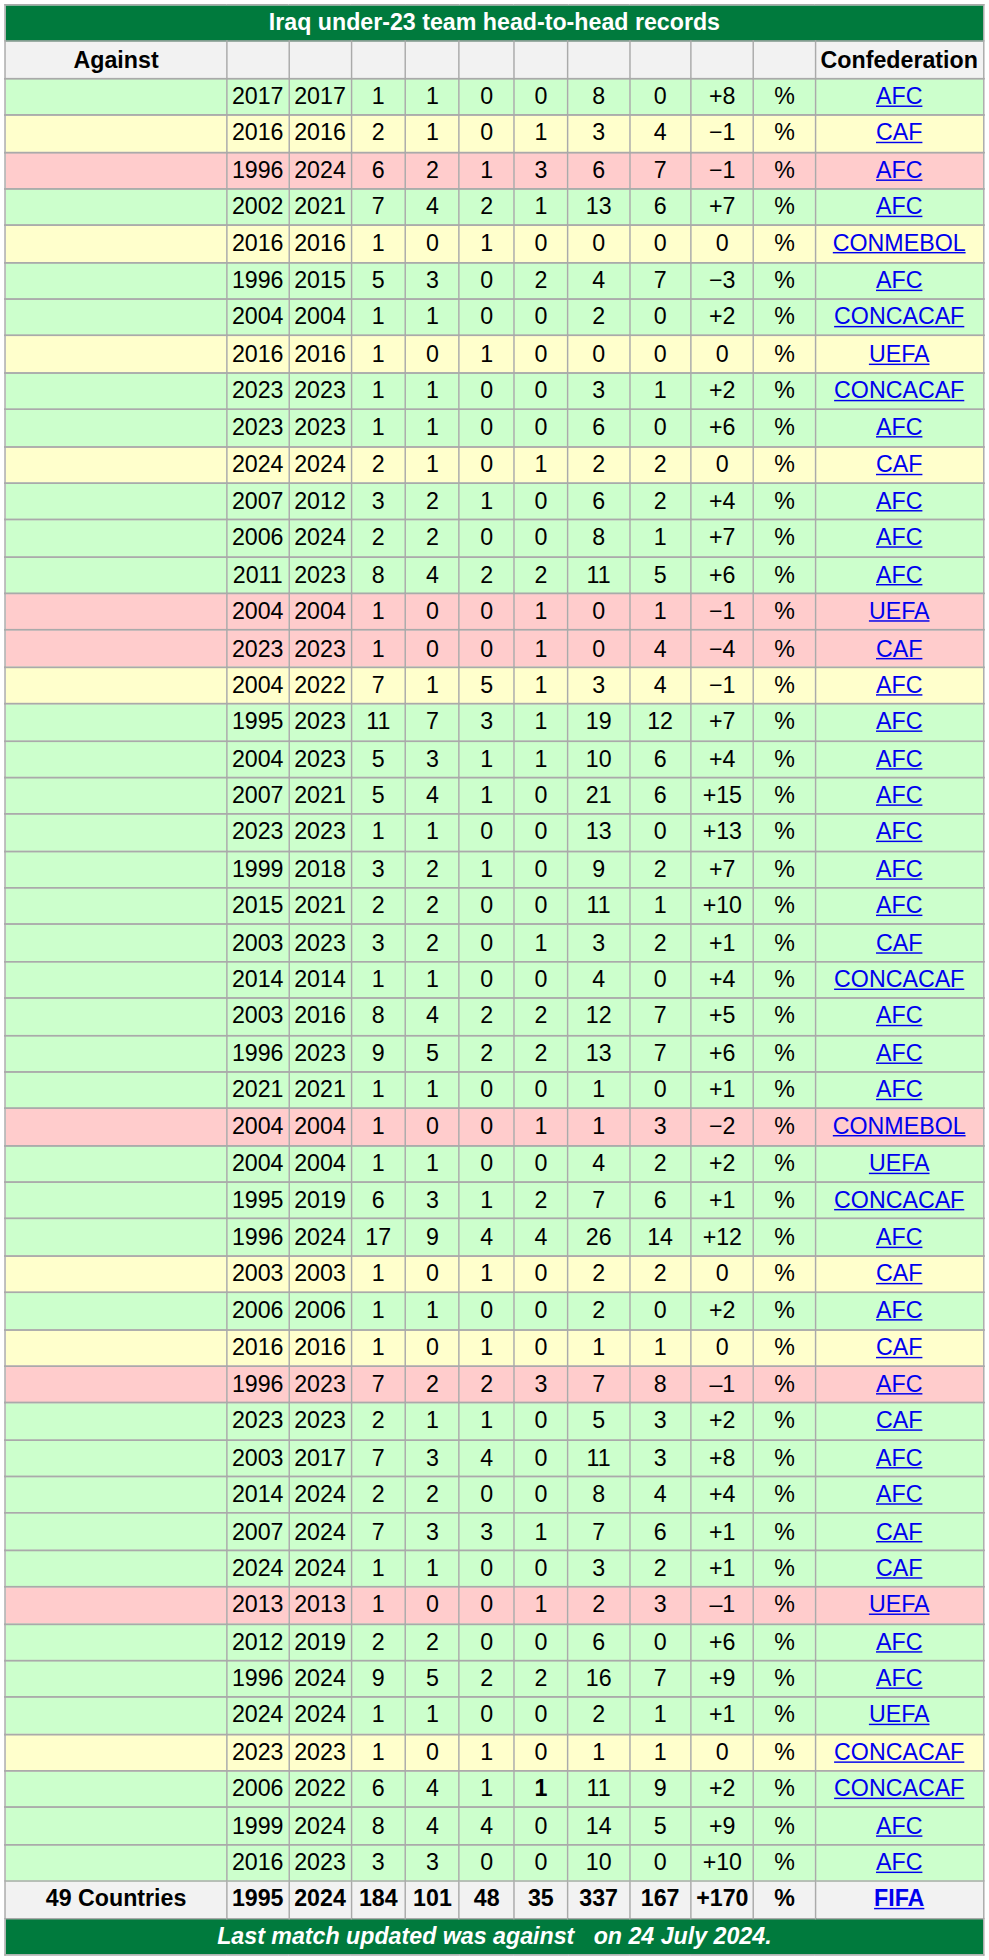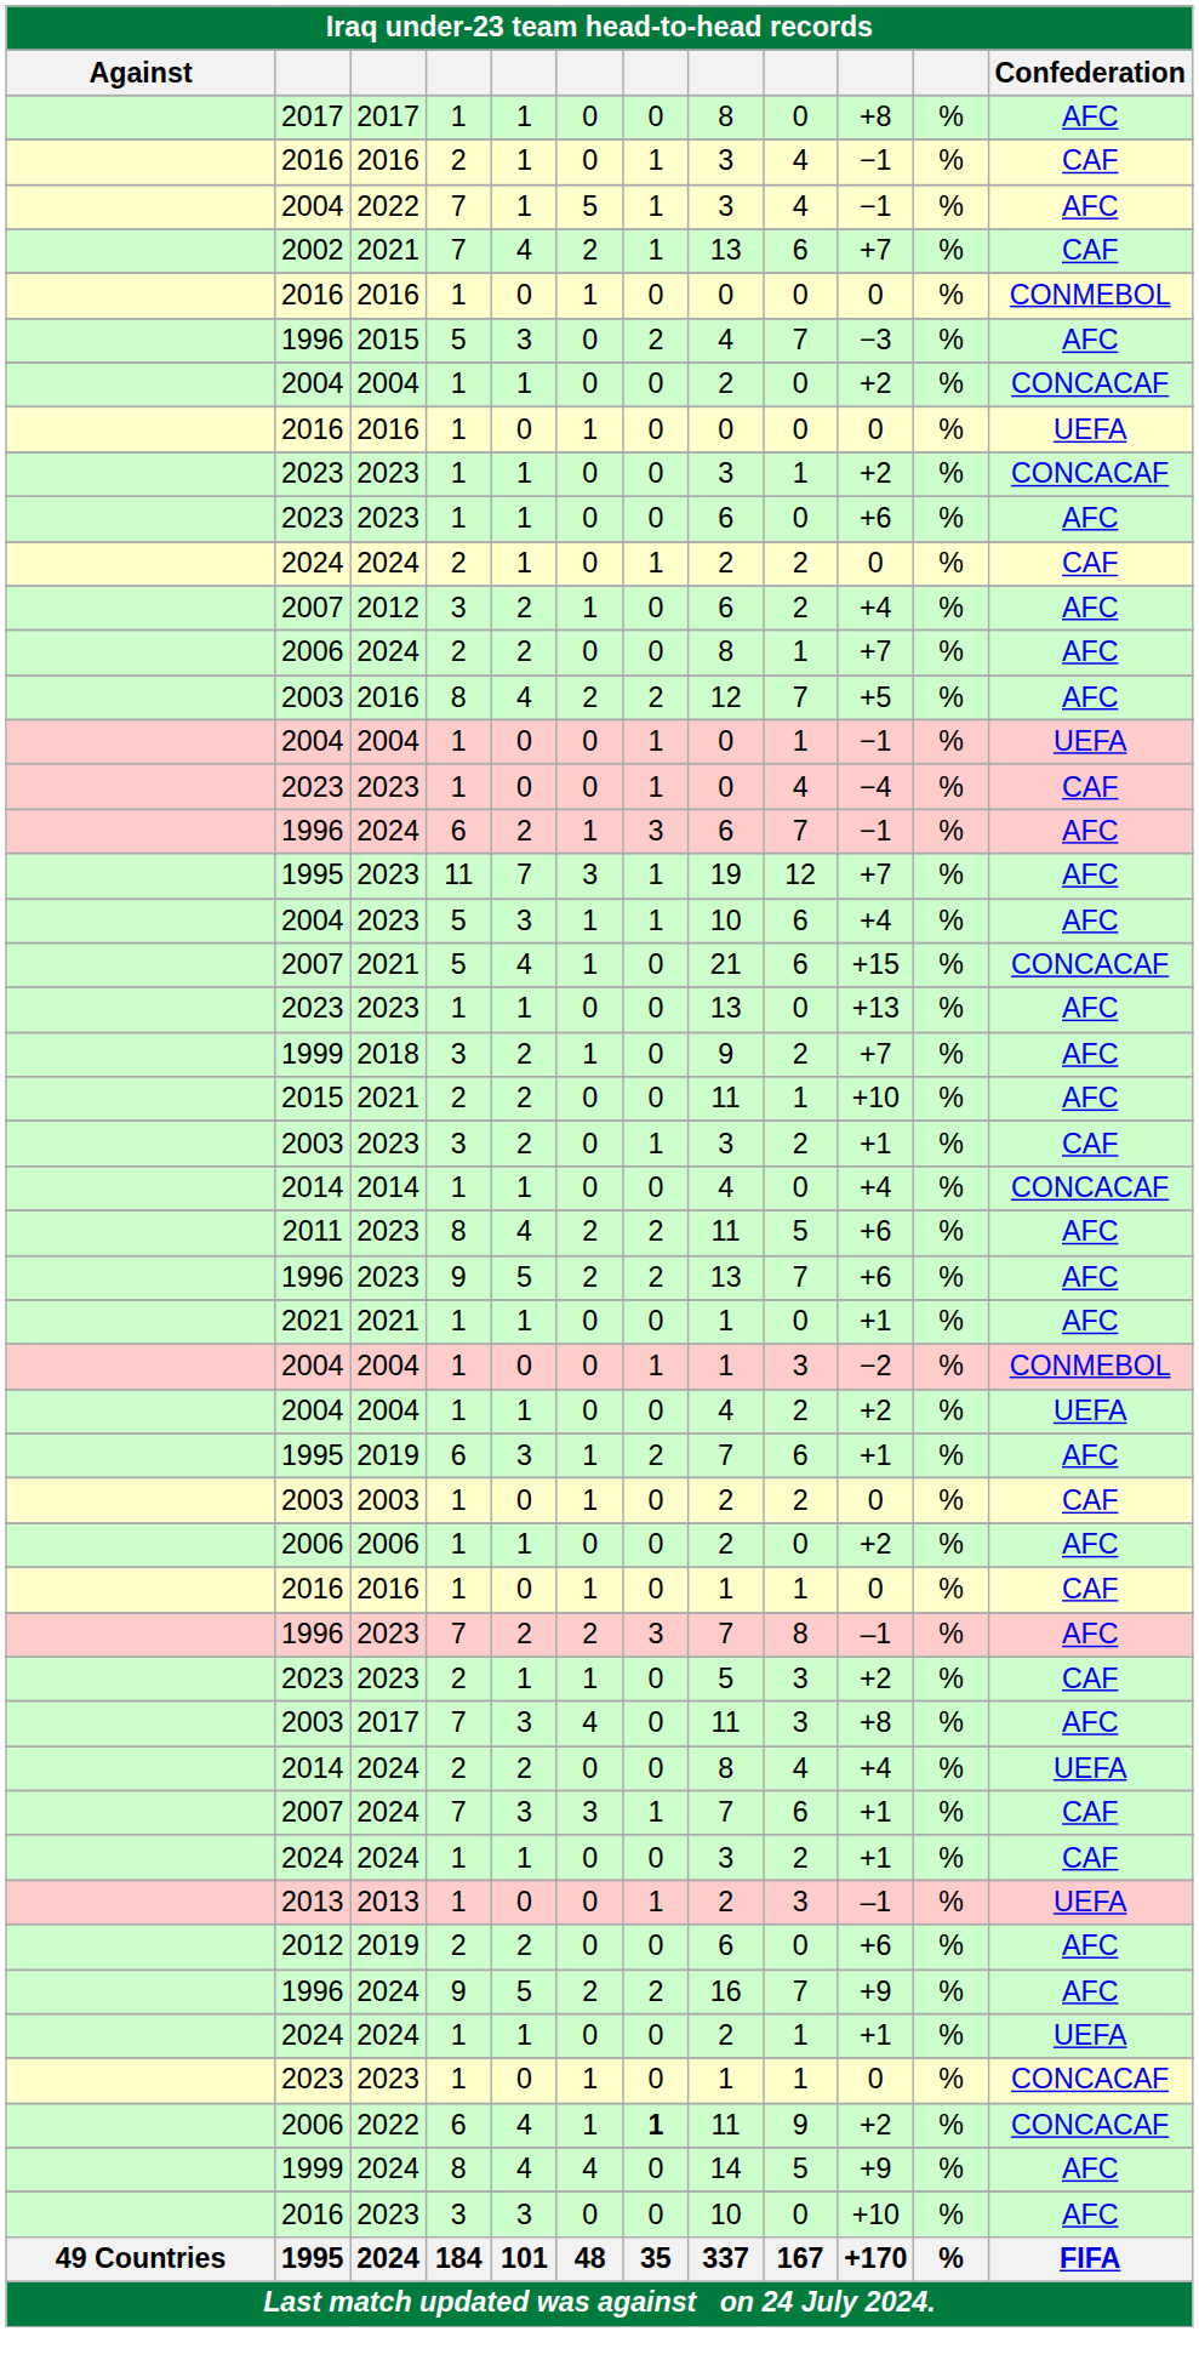 <table class="wikitable sortable mw-collapsible mw-collapsed" style="text-align:center; margin:0.5em auto;">
 <tr>
 <th colspan=12 style="background: #007A3D; color: #FFFFFF;">Iraq under-23 team head-to-head records</th>
 </tr>
 <tr>
 <th style="width:145px;">Against</th>
 <th width=30></th>
 <th width=30></th>
 <th width=30></th>
 <th width=30></th>
 <th width=30></th>
 <th width=30></th>
 <th width=35></th>
 <th width=35></th>
 <th width=35></th>
 <th width=35></th>
 <th style="width:1px;">Confederation</th>
 </tr>
 <tr>
 </tr>
 <tr>
 </tr>
 <tr bgcolor=CCFFCC>
 <td style="text-align:left;"></td>
 <td>2017</td>
 <td>2017</td>
 <td>1</td>
 <td>1</td>
 <td>0</td>
 <td>0</td>
 <td>8</td>
 <td>0</td>
 <td>+8</td>
 <td>%</td>
 <td><a href='#'>AFC</a></td>
 </tr>
 <tr>
 </tr>
 <tr>
 </tr>
 <tr bgcolor=FFFFCC>
 <td style="text-align:left;"></td>
 <td>2016</td>
 <td>2016</td>
 <td>2</td>
 <td>1</td>
 <td>0</td>
 <td>1</td>
 <td>3</td>
 <td>4</td>
 <td>−1</td>
 <td>%</td>
 <td><a href='#'>CAF</a></td>
 </tr>
 <tr>
 </tr>
 <tr>
 </tr>
-<tr bgcolor=FFCCCC>
+<tr bgcolor=FFFFCC>
 <td style="text-align:left;"></td>
-<td>1996</td>
-<td>2024</td>
-<td>6</td>
-<td>2</td>
+<td>2004</td>
+<td>2022</td>
+<td>7</td>
+<td>1</td>
+<td>5</td>
 <td>1</td>
 <td>3</td>
-<td>6</td>
-<td>7</td>
+<td>4</td>
 <td>−1</td>
 <td>%</td>
 <td><a href='#'>AFC</a></td>
 </tr>
 <tr>
 </tr>
 <tr>
 </tr>
 <tr bgcolor=CCFFCC>
 <td style="text-align:left;"></td>
 <td>2002</td>
 <td>2021</td>
 <td>7</td>
 <td>4</td>
 <td>2</td>
 <td>1</td>
 <td>13</td>
 <td>6</td>
 <td>+7</td>
 <td>%</td>
-<td><a href='#'>AFC</a></td>
+<td><a href='#'>CAF</a></td>
 </tr>
 <tr>
 </tr>
 <tr>
 </tr>
 <tr bgcolor=FFFFCC>
 <td style="text-align:left;"></td>
 <td>2016</td>
 <td>2016</td>
 <td>1</td>
 <td>0</td>
 <td>1</td>
 <td>0</td>
 <td>0</td>
 <td>0</td>
 <td>0</td>
 <td>%</td>
 <td><a href='#'>CONMEBOL</a></td>
 </tr>
 <tr>
 </tr>
 <tr>
 </tr>
 <tr bgcolor=CCFFCC>
 <td style="text-align:left;"></td>
 <td>1996</td>
 <td>2015</td>
 <td>5</td>
 <td>3</td>
 <td>0</td>
 <td>2</td>
 <td>4</td>
 <td>7</td>
 <td>−3</td>
 <td>%</td>
 <td><a href='#'>AFC</a></td>
 </tr>
 <tr>
 </tr>
 <tr>
 </tr>
 <tr bgcolor=CCFFCC>
 <td style="text-align:left;"></td>
 <td>2004</td>
 <td>2004</td>
 <td>1</td>
 <td>1</td>
 <td>0</td>
 <td>0</td>
 <td>2</td>
 <td>0</td>
 <td>+2</td>
 <td>%</td>
 <td><a href='#'>CONCACAF</a></td>
 </tr>
 <tr>
 </tr>
 <tr>
 </tr>
 <tr bgcolor=FFFFCC>
 <td style="text-align:left;"></td>
 <td>2016</td>
 <td>2016</td>
 <td>1</td>
 <td>0</td>
 <td>1</td>
 <td>0</td>
 <td>0</td>
 <td>0</td>
 <td>0</td>
 <td>%</td>
 <td><a href='#'>UEFA</a></td>
 </tr>
 <tr>
 </tr>
 <tr>
 </tr>
 <tr bgcolor=CCFFCC>
 <td style="text-align:left;"></td>
 <td>2023</td>
 <td>2023</td>
 <td>1</td>
 <td>1</td>
 <td>0</td>
 <td>0</td>
 <td>3</td>
 <td>1</td>
 <td>+2</td>
 <td>%</td>
 <td><a href='#'>CONCACAF</a></td>
 </tr>
 <tr>
 </tr>
 <tr>
 </tr>
 <tr bgcolor=CCFFCC>
 <td style="text-align:left;"></td>
 <td>2023</td>
 <td>2023</td>
 <td>1</td>
 <td>1</td>
 <td>0</td>
 <td>0</td>
 <td>6</td>
 <td>0</td>
 <td>+6</td>
 <td>%</td>
 <td><a href='#'>AFC</a></td>
 </tr>
 <tr>
 </tr>
 <tr>
 </tr>
 <tr bgcolor=FFFFCC>
 <td style="text-align:left;"></td>
 <td>2024</td>
 <td>2024</td>
 <td>2</td>
 <td>1</td>
 <td>0</td>
 <td>1</td>
 <td>2</td>
 <td>2</td>
 <td>0</td>
 <td>%</td>
 <td><a href='#'>CAF</a></td>
 </tr>
 <tr>
 </tr>
 <tr>
 </tr>
 <tr bgcolor=CCFFCC>
 <td style="text-align:left;"></td>
 <td>2007</td>
 <td>2012</td>
 <td>3</td>
 <td>2</td>
 <td>1</td>
 <td>0</td>
 <td>6</td>
 <td>2</td>
 <td>+4</td>
 <td>%</td>
 <td><a href='#'>AFC</a></td>
 </tr>
 <tr>
 </tr>
 <tr>
 </tr>
 <tr bgcolor=CCFFCC>
 <td style="text-align:left;"></td>
 <td>2006</td>
 <td>2024</td>
 <td>2</td>
 <td>2</td>
 <td>0</td>
 <td>0</td>
 <td>8</td>
 <td>1</td>
 <td>+7</td>
 <td>%</td>
 <td><a href='#'>AFC</a></td>
 </tr>
 <tr>
 </tr>
 <tr>
 </tr>
 <tr bgcolor=CCFFCC>
 <td style="text-align:left;"></td>
-<td>2011</td>
-<td>2023</td>
+<td>2003</td>
+<td>2016</td>
 <td>8</td>
 <td>4</td>
 <td>2</td>
 <td>2</td>
-<td>11</td>
-<td>5</td>
-<td>+6</td>
+<td>12</td>
+<td>7</td>
+<td>+5</td>
 <td>%</td>
 <td><a href='#'>AFC</a></td>
 </tr>
 <tr>
 </tr>
 <tr>
 </tr>
 <tr bgcolor=FFCCCC>
 <td style="text-align:left;"></td>
 <td>2004</td>
 <td>2004</td>
 <td>1</td>
 <td>0</td>
 <td>0</td>
 <td>1</td>
 <td>0</td>
 <td>1</td>
 <td>−1</td>
 <td>%</td>
 <td><a href='#'>UEFA</a></td>
 </tr>
 <tr>
 </tr>
 <tr>
 </tr>
 <tr bgcolor=FFCCCC>
 <td style="text-align:left;"></td>
 <td>2023</td>
 <td>2023</td>
 <td>1</td>
 <td>0</td>
 <td>0</td>
 <td>1</td>
 <td>0</td>
 <td>4</td>
 <td>−4</td>
 <td>%</td>
 <td><a href='#'>CAF</a></td>
 </tr>
 <tr>
 </tr>
 <tr>
 </tr>
-<tr bgcolor=FFFFCC>
+<tr bgcolor=FFCCCC>
 <td style="text-align:left;"></td>
-<td>2004</td>
-<td>2022</td>
-<td>7</td>
-<td>1</td>
-<td>5</td>
+<td>1996</td>
+<td>2024</td>
+<td>6</td>
+<td>2</td>
 <td>1</td>
 <td>3</td>
-<td>4</td>
+<td>6</td>
+<td>7</td>
 <td>−1</td>
 <td>%</td>
 <td><a href='#'>AFC</a></td>
 </tr>
 <tr>
 </tr>
 <tr>
 </tr>
 <tr bgcolor=CCFFCC>
 <td style="text-align:left;"></td>
 <td>1995</td>
 <td>2023</td>
 <td>11</td>
 <td>7</td>
 <td>3</td>
 <td>1</td>
 <td>19</td>
 <td>12</td>
 <td>+7</td>
 <td>%</td>
 <td><a href='#'>AFC</a></td>
 </tr>
 <tr>
 </tr>
 <tr>
 </tr>
 <tr bgcolor=CCFFCC>
 <td style="text-align:left;"></td>
 <td>2004</td>
 <td>2023</td>
 <td>5</td>
 <td>3</td>
 <td>1</td>
 <td>1</td>
 <td>10</td>
 <td>6</td>
 <td>+4</td>
 <td>%</td>
 <td><a href='#'>AFC</a></td>
 </tr>
 <tr>
 </tr>
 <tr>
 </tr>
 <tr bgcolor=CCFFCC>
 <td style="text-align:left;"></td>
 <td>2007</td>
 <td>2021</td>
 <td>5</td>
 <td>4</td>
 <td>1</td>
 <td>0</td>
 <td>21</td>
 <td>6</td>
 <td>+15</td>
 <td>%</td>
-<td><a href='#'>AFC</a></td>
+<td><a href='#'>CONCACAF</a></td>
 </tr>
 <tr>
 </tr>
 <tr>
 </tr>
 <tr bgcolor=CCFFCC>
 <td style="text-align:left;"></td>
 <td>2023</td>
 <td>2023</td>
 <td>1</td>
 <td>1</td>
 <td>0</td>
 <td>0</td>
 <td>13</td>
 <td>0</td>
 <td>+13</td>
 <td>%</td>
 <td><a href='#'>AFC</a></td>
 </tr>
 <tr>
 </tr>
 <tr>
 </tr>
 <tr bgcolor=CCFFCC>
 <td style="text-align:left;"></td>
 <td>1999</td>
 <td>2018</td>
 <td>3</td>
 <td>2</td>
 <td>1</td>
 <td>0</td>
 <td>9</td>
 <td>2</td>
 <td>+7</td>
 <td>%</td>
 <td><a href='#'>AFC</a></td>
 </tr>
 <tr>
 </tr>
 <tr>
 </tr>
 <tr bgcolor=CCFFCC>
 <td style="text-align:left;"></td>
 <td>2015</td>
 <td>2021</td>
 <td>2</td>
 <td>2</td>
 <td>0</td>
 <td>0</td>
 <td>11</td>
 <td>1</td>
 <td>+10</td>
 <td>%</td>
 <td><a href='#'>AFC</a></td>
 </tr>
 <tr>
 </tr>
 <tr>
 </tr>
 <tr bgcolor=CCFFCC>
 <td style="text-align:left;"></td>
 <td>2003</td>
 <td>2023</td>
 <td>3</td>
 <td>2</td>
 <td>0</td>
 <td>1</td>
 <td>3</td>
 <td>2</td>
 <td>+1</td>
 <td>%</td>
 <td><a href='#'>CAF</a></td>
 </tr>
 <tr>
 </tr>
 <tr>
 </tr>
 <tr bgcolor=CCFFCC>
 <td style="text-align:left;"></td>
 <td>2014</td>
 <td>2014</td>
 <td>1</td>
 <td>1</td>
 <td>0</td>
 <td>0</td>
 <td>4</td>
 <td>0</td>
 <td>+4</td>
 <td>%</td>
 <td><a href='#'>CONCACAF</a></td>
 </tr>
 <tr>
 </tr>
 <tr>
 </tr>
 <tr bgcolor=CCFFCC>
 <td style="text-align:left;"></td>
-<td>2003</td>
-<td>2016</td>
+<td>2011</td>
+<td>2023</td>
 <td>8</td>
 <td>4</td>
 <td>2</td>
 <td>2</td>
-<td>12</td>
-<td>7</td>
-<td>+5</td>
+<td>11</td>
+<td>5</td>
+<td>+6</td>
 <td>%</td>
 <td><a href='#'>AFC</a></td>
 </tr>
 <tr>
 </tr>
 <tr>
 </tr>
 <tr bgcolor=CCFFCC>
 <td style="text-align:left;"></td>
 <td>1996</td>
 <td>2023</td>
 <td>9</td>
 <td>5</td>
 <td>2</td>
 <td>2</td>
 <td>13</td>
 <td>7</td>
 <td>+6</td>
 <td>%</td>
 <td><a href='#'>AFC</a></td>
 </tr>
 <tr>
 </tr>
 <tr>
 </tr>
 <tr bgcolor=CCFFCC>
 <td style="text-align:left;"></td>
 <td>2021</td>
 <td>2021</td>
 <td>1</td>
 <td>1</td>
 <td>0</td>
 <td>0</td>
 <td>1</td>
 <td>0</td>
 <td>+1</td>
 <td>%</td>
 <td><a href='#'>AFC</a></td>
 </tr>
 <tr>
 </tr>
 <tr>
 </tr>
 <tr bgcolor=FFCCCC>
 <td style="text-align:left;"></td>
 <td>2004</td>
 <td>2004</td>
 <td>1</td>
 <td>0</td>
 <td>0</td>
 <td>1</td>
 <td>1</td>
 <td>3</td>
 <td>−2</td>
 <td>%</td>
 <td><a href='#'>CONMEBOL</a></td>
 </tr>
 <tr>
 </tr>
 <tr>
 </tr>
 <tr bgcolor=CCFFCC>
 <td style="text-align:left;"></td>
 <td>2004</td>
 <td>2004</td>
 <td>1</td>
 <td>1</td>
 <td>0</td>
 <td>0</td>
 <td>4</td>
 <td>2</td>
 <td>+2</td>
 <td>%</td>
 <td><a href='#'>UEFA</a></td>
 </tr>
 <tr>
 </tr>
 <tr>
 </tr>
 <tr bgcolor=CCFFCC>
 <td style="text-align:left;"></td>
 <td>1995</td>
 <td>2019</td>
 <td>6</td>
 <td>3</td>
 <td>1</td>
 <td>2</td>
 <td>7</td>
 <td>6</td>
 <td>+1</td>
 <td>%</td>
-<td><a href='#'>CONCACAF</a></td>
+<td><a href='#'>AFC</a></td>
 </tr>
 <tr>
 </tr>
 <tr>
-</tr>
-<tr bgcolor=CCFFCC>
-<td style="text-align:left;"></td>
-<td>1996</td>
-<td>2024</td>
-<td>17</td>
-<td>9</td>
-<td>4</td>
-<td>4</td>
-<td>26</td>
-<td>14</td>
-<td>+12</td>
-<td>%</td>
-<td><a href='#'>AFC</a></td>
 </tr>
 <tr>
 </tr>
 <tr>
 </tr>
 <tr bgcolor=FFFFCC>
 <td style="text-align:left;"></td>
 <td>2003</td>
 <td>2003</td>
 <td>1</td>
 <td>0</td>
 <td>1</td>
 <td>0</td>
 <td>2</td>
 <td>2</td>
 <td>0</td>
 <td>%</td>
 <td><a href='#'>CAF</a></td>
 </tr>
 <tr>
 </tr>
 <tr>
 </tr>
 <tr bgcolor=CCFFCC>
 <td style="text-align:left;"></td>
 <td>2006</td>
 <td>2006</td>
 <td>1</td>
 <td>1</td>
 <td>0</td>
 <td>0</td>
 <td>2</td>
 <td>0</td>
 <td>+2</td>
 <td>%</td>
 <td><a href='#'>AFC</a></td>
 </tr>
 <tr>
 </tr>
 <tr>
 </tr>
 <tr bgcolor=FFFFCC>
 <td style="text-align:left;"></td>
 <td>2016</td>
 <td>2016</td>
 <td>1</td>
 <td>0</td>
 <td>1</td>
 <td>0</td>
 <td>1</td>
 <td>1</td>
 <td>0</td>
 <td>%</td>
 <td><a href='#'>CAF</a></td>
 </tr>
 <tr>
 </tr>
 <tr>
 </tr>
 <tr bgcolor=FFCCCC>
 <td style="text-align:left;"></td>
 <td>1996</td>
 <td>2023</td>
 <td>7</td>
 <td>2</td>
 <td>2</td>
 <td>3</td>
 <td>7</td>
 <td>8</td>
 <td>–1</td>
 <td>%</td>
 <td><a href='#'>AFC</a></td>
 </tr>
 <tr>
 </tr>
 <tr>
 </tr>
 <tr bgcolor=CCFFCC>
 <td style="text-align:left;"></td>
 <td>2023</td>
 <td>2023</td>
 <td>2</td>
 <td>1</td>
 <td>1</td>
 <td>0</td>
 <td>5</td>
 <td>3</td>
 <td>+2</td>
 <td>%</td>
 <td><a href='#'>CAF</a></td>
 </tr>
 <tr>
 </tr>
 <tr>
 </tr>
 <tr bgcolor=CCFFCC>
 <td style="text-align:left;"></td>
 <td>2003</td>
 <td>2017</td>
 <td>7</td>
 <td>3</td>
 <td>4</td>
 <td>0</td>
 <td>11</td>
 <td>3</td>
 <td>+8</td>
 <td>%</td>
 <td><a href='#'>AFC</a></td>
 </tr>
 <tr>
 </tr>
 <tr>
 </tr>
 <tr bgcolor=CCFFCC>
 <td style="text-align:left;"></td>
 <td>2014</td>
 <td>2024</td>
 <td>2</td>
 <td>2</td>
 <td>0</td>
 <td>0</td>
 <td>8</td>
 <td>4</td>
 <td>+4</td>
 <td>%</td>
-<td><a href='#'>AFC</a></td>
+<td><a href='#'>UEFA</a></td>
 </tr>
 <tr>
 </tr>
 <tr>
 </tr>
 <tr bgcolor=CCFFCC>
 <td style="text-align:left;"></td>
 <td>2007</td>
 <td>2024</td>
 <td>7</td>
 <td>3</td>
 <td>3</td>
 <td>1</td>
 <td>7</td>
 <td>6</td>
 <td>+1</td>
 <td>%</td>
 <td><a href='#'>CAF</a></td>
 </tr>
 <tr>
 </tr>
 <tr>
 </tr>
 <tr bgcolor=CCFFCC>
 <td style="text-align:left;"></td>
 <td>2024</td>
 <td>2024</td>
 <td>1</td>
 <td>1</td>
 <td>0</td>
 <td>0</td>
 <td>3</td>
 <td>2</td>
 <td>+1</td>
 <td>%</td>
 <td><a href='#'>CAF</a></td>
 </tr>
 <tr>
 </tr>
 <tr>
 </tr>
 <tr bgcolor=FFCCCC>
 <td style="text-align:left;"></td>
 <td>2013</td>
 <td>2013</td>
 <td>1</td>
 <td>0</td>
 <td>0</td>
 <td>1</td>
 <td>2</td>
 <td>3</td>
 <td>–1</td>
 <td>%</td>
 <td><a href='#'>UEFA</a></td>
 </tr>
 <tr>
 </tr>
 <tr>
 </tr>
 <tr bgcolor=CCFFCC>
 <td style="text-align:left;"></td>
 <td>2012</td>
 <td>2019</td>
 <td>2</td>
 <td>2</td>
 <td>0</td>
 <td>0</td>
 <td>6</td>
 <td>0</td>
 <td>+6</td>
 <td>%</td>
 <td><a href='#'>AFC</a></td>
 </tr>
 <tr>
 </tr>
 <tr>
 </tr>
 <tr bgcolor=CCFFCC>
 <td style="text-align:left;"></td>
 <td>1996</td>
 <td>2024</td>
 <td>9</td>
 <td>5</td>
 <td>2</td>
 <td>2</td>
 <td>16</td>
 <td>7</td>
 <td>+9</td>
 <td>%</td>
 <td><a href='#'>AFC</a></td>
 </tr>
 <tr>
 </tr>
 <tr bgcolor=CCFFCC>
 <td style="text-align:left;"></td>
 <td>2024</td>
 <td>2024</td>
 <td>1</td>
 <td>1</td>
 <td>0</td>
 <td>0</td>
 <td>2</td>
 <td>1</td>
 <td>+1</td>
 <td>%</td>
 <td><a href='#'>UEFA</a></td>
 </tr>
 <tr>
 </tr>
 <tr>
 </tr>
 <tr bgcolor=FFFFCC>
 <td style="text-align:left;"></td>
 <td>2023</td>
 <td>2023</td>
 <td>1</td>
 <td>0</td>
 <td>1</td>
 <td>0</td>
 <td>1</td>
 <td>1</td>
 <td>0</td>
 <td>%</td>
 <td><a href='#'>CONCACAF</a></td>
 </tr>
 <tr>
 </tr>
 <tr>
 </tr>
 <tr bgcolor=CCFFCC>
 <td style="text-align:left;"></td>
 <td>2006</td>
 <td>2022</td>
 <td>6</td>
 <td>4</td>
 <td>1</td>
 <td><strong>1</strong></td>
 <td>11</td>
 <td>9</td>
 <td>+2</td>
 <td>%</td>
 <td><a href='#'>CONCACAF</a></td>
 </tr>
 <tr>
 </tr>
 <tr>
 </tr>
 <tr bgcolor=CCFFCC>
 <td style="text-align:left;"></td>
 <td>1999</td>
 <td>2024</td>
 <td>8</td>
 <td>4</td>
 <td>4</td>
 <td>0</td>
 <td>14</td>
 <td>5</td>
 <td>+9</td>
 <td>%</td>
 <td><a href='#'>AFC</a></td>
 </tr>
 <tr>
 </tr>
 <tr>
 </tr>
 <tr bgcolor=CCFFCC>
 <td style="text-align:left;"></td>
 <td>2016</td>
 <td>2023</td>
 <td>3</td>
 <td>3</td>
 <td>0</td>
 <td>0</td>
 <td>10</td>
 <td>0</td>
 <td>+10</td>
 <td>%</td>
 <td><a href='#'>AFC</a></td>
 </tr>
 <tr>
 <th align=left>49 Countries</th>
 <th>1995</th>
 <th>2024</th>
 <th>184</th>
 <th>101</th>
 <th>48</th>
 <th>35</th>
 <th>337</th>
 <th>167</th>
 <th>+170</th>
 <th>%</th>
 <th><a href='#'>FIFA</a></th>
 </tr>
 <tr>
 <th colspan="12" style="background:#007A3D; color:#FFFFFF;"><em>Last match updated was against   <a href='#'></a> on 24 July 2024.</em></th>
 </tr>
 </table>
